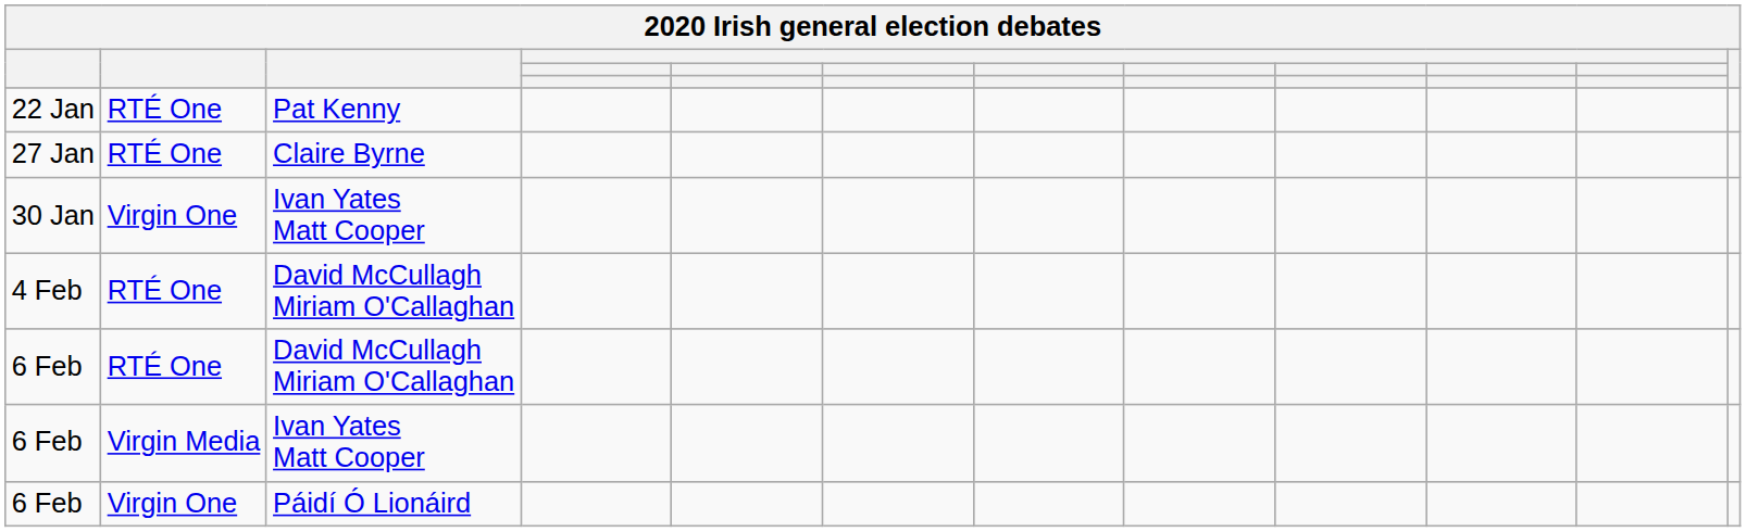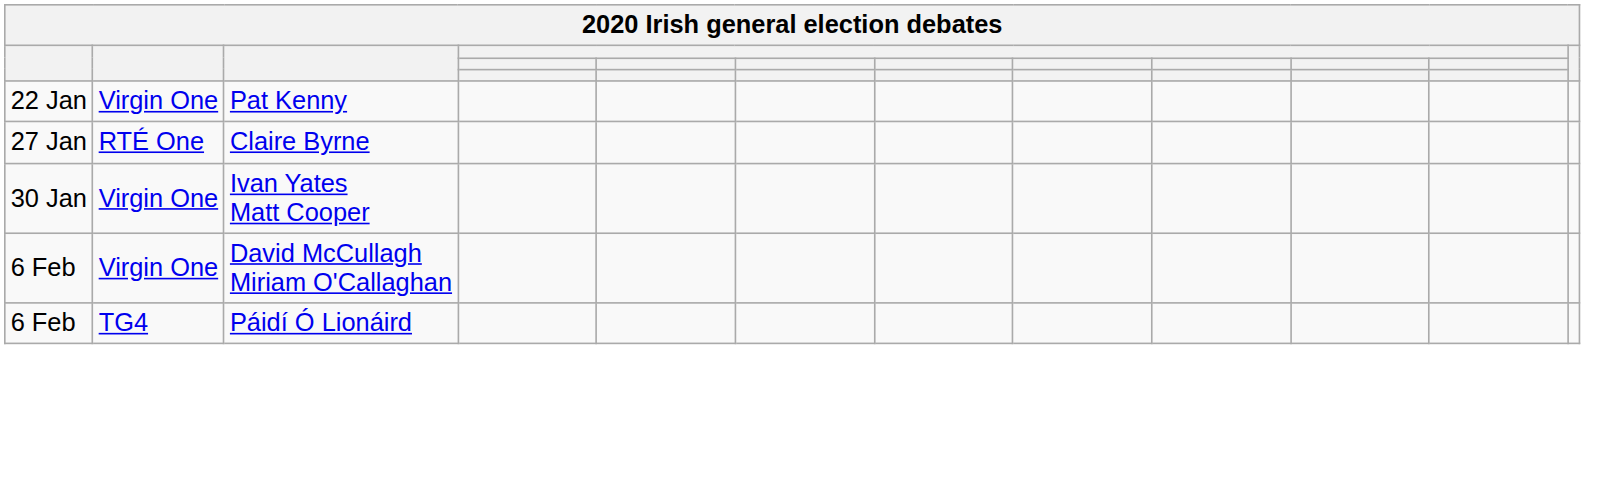 <table class="wikitable" style="font-size:98%; text-align:center;">
 <tr>
 <th colspan="12">2020 Irish general election debates</th>
 </tr>
 <tr>
 <th style="white-space:nowrap;" rowspan="3"></th>
 <th rowspan="3"></th>
 <th rowspan="3"></th>
 <th scope="col" colspan="8">    </th>
 <th rowspan="3"></th>
 </tr>
 <tr>
 <th scope="col" style="width:5em;"></th>
 <th scope="col" style="width:5em;"></th>
 <th scope="col" style="width:5em;"></th>
 <th scope="col" style="width:5em;"></th>
 <th scope="col" style="width:5em;"></th>
 <th scope="col" style="width:5em;"></th>
 <th scope="col" style="width:5em;"></th>
 <th scope="col" style="width:5em;"></th>
 </tr>
 <tr>
 <th style="background:"></th>
 <th style="background:"></th>
 <th style="background:"></th>
 <th style="background:"></th>
 <th style="background:"></th>
 <th style="background:"></th>
 <th style="background:"></th>
 <th style="background:"></th>
 </tr>
 <tr>
 <td style="white-space:nowrap; text-align:left;">22 Jan</td>
-<td style="white-space:nowrap; text-align:left;"><a href='#'>RTÉ One</a></td>
+<td style="white-space:nowrap; text-align:left;"><a href='#'>Virgin One</a></td>
 <td style="white-space:nowrap; text-align:left;"><a href='#'>Pat Kenny</a></td>
 <td></td>
 <td></td>
 <td></td>
 <td></td>
 <td></td>
 <td></td>
 <td></td>
 <td></td>
 <td></td>
 </tr>
 <tr>
 <td style="white-space:nowrap; text-align:left;">27 Jan</td>
 <td style="white-space:nowrap; text-align:left;"><a href='#'>RTÉ One</a></td>
 <td style="white-space:nowrap; text-align:left;"><a href='#'>Claire Byrne</a></td>
 <td></td>
 <td></td>
 <td></td>
 <td></td>
 <td></td>
 <td></td>
 <td></td>
 <td></td>
 <td></td>
 </tr>
 <tr>
 <td style="white-space:nowrap; text-align:left;">30 Jan</td>
 <td style="white-space:nowrap; text-align:left;"><a href='#'>Virgin One</a></td>
 <td style="white-space:nowrap; text-align:left;"><a href='#'>Ivan Yates</a><br><a href='#'>Matt Cooper</a></td>
 <td></td>
 <td></td>
 <td></td>
 <td></td>
 <td></td>
 <td></td>
 <td></td>
 <td></td>
 <td></td>
 </tr>
 <tr>
-<td style="white-space:nowrap; text-align:left;">4 Feb</td>
-<td style="white-space:nowrap; text-align:left;"><a href='#'>RTÉ One</a></td>
+<td style="white-space:nowrap; text-align:left;">6 Feb</td>
+<td style="white-space:nowrap; text-align:left;"><a href='#'>Virgin One</a></td>
 <td style="white-space:nowrap; text-align:left;"><a href='#'>David McCullagh</a><br><a href='#'>Miriam O'Callaghan</a></td>
 <td></td>
 <td></td>
 <td></td>
 <td></td>
 <td></td>
 <td></td>
 <td></td>
 <td></td>
 <td></td>
 </tr>
 <tr>
 <td style="white-space:nowrap; text-align:left;">6 Feb</td>
-<td style="white-space:nowrap; text-align:left;"><a href='#'>RTÉ One</a></td>
-<td style="white-space:nowrap; text-align:left;"><a href='#'>David McCullagh</a><br><a href='#'>Miriam O'Callaghan</a></td>
-<td></td>
-<td></td>
-<td></td>
-<td></td>
-<td></td>
-<td></td>
-<td></td>
-<td></td>
-<td></td>
-</tr>
-<tr>
-<td style="white-space:nowrap; text-align:left;">6 Feb</td>
-<td style="white-space:nowrap; text-align:left;"><a href='#'>Virgin Media</a></td>
-<td style="white-space:nowrap; text-align:left;"><a href='#'>Ivan Yates</a><br><a href='#'>Matt Cooper</a></td>
-<td></td>
-<td></td>
-<td></td>
-<td></td>
-<td></td>
-<td></td>
-<td></td>
-<td></td>
-<td></td>
-</tr>
-<tr>
-<td style="white-space:nowrap; text-align:left;">6 Feb</td>
-<td style="white-space:nowrap; text-align:left;"><a href='#'>Virgin One</a></td>
+<td style="white-space:nowrap; text-align:left;"><a href='#'>TG4</a></td>
 <td style="white-space:nowrap; text-align:left;"><a href='#'>Páidí Ó Lionáird</a></td>
 <td></td>
 <td></td>
 <td></td>
 <td></td>
 <td></td>
 <td></td>
 <td></td>
 <td></td>
 <td></td>
 </tr>
 </table>
